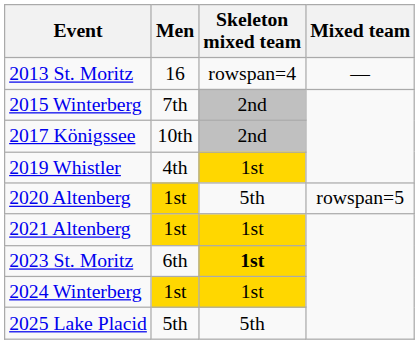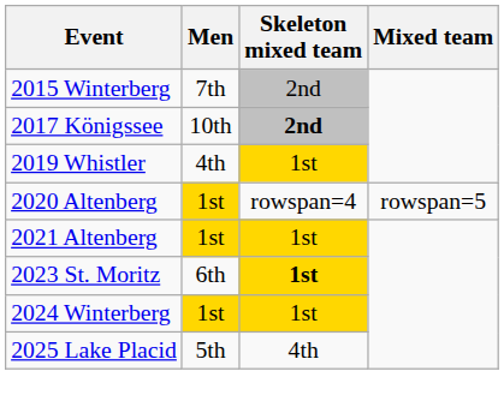 <table class="wikitable" style="text-align:center">
 <tr>
 <th>Event</th>
 <th>Men</th>
 <th>Skeleton<br>mixed team</th>
 <th>Mixed team</th>
-</tr>
-<tr>
-<td style="text-align:left"> <a href='#'>2013 St. Moritz</a></td>
-<td>16</td>
-<td>rowspan=4 </td>
-<td>—</td>
 </tr>
 <tr>
 <td style="text-align:left"> <a href='#'>2015 Winterberg</a></td>
 <td>7th</td>
 <td style="background:silver">2nd</td>
 </tr>
 <tr>
 <td style="text-align:left"> <a href='#'>2017 Königssee</a></td>
 <td>10th</td>
-<td style="background:silver">2nd</td>
+<td style="background:silver"><strong>2nd</strong></td>
 </tr>
 <tr>
 <td style="text-align:left"> <a href='#'>2019 Whistler</a></td>
 <td>4th</td>
 <td style="background:gold">1st</td>
 </tr>
 <tr>
 <td style="text-align:left"> <a href='#'>2020 Altenberg</a></td>
 <td style="background:gold">1st</td>
-<td>5th</td>
+<td>rowspan=4 </td>
 <td>rowspan=5 </td>
 </tr>
 <tr>
 <td style="text-align:left"> <a href='#'>2021 Altenberg</a></td>
 <td style="background:gold">1st</td>
 <td style="background:gold">1st</td>
 </tr>
 <tr>
 <td style="text-align:left"> <a href='#'>2023 St. Moritz</a></td>
 <td>6th</td>
 <td style="background:gold"><strong>1st</strong></td>
 </tr>
 <tr>
 <td style="text-align:left"> <a href='#'>2024 Winterberg</a></td>
 <td style="background:gold">1st</td>
 <td style="background:gold">1st</td>
 </tr>
 <tr>
 <td style="text-align:left"> <a href='#'>2025 Lake Placid</a></td>
 <td>5th</td>
-<td>5th</td>
+<td>4th</td>
 </tr>
 </table>
